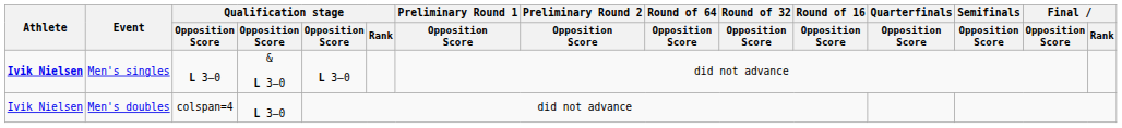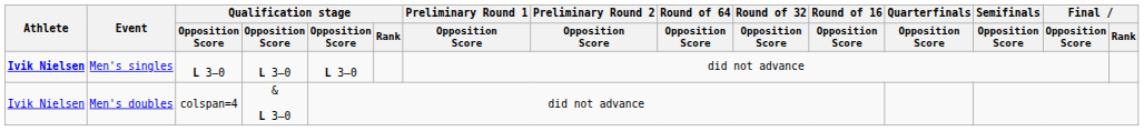 <table class=wikitable style=font-size:90%;text-align:center>
 <tr>
 <th rowspan=2>Athlete</th>
 <th rowspan=2>Event</th>
 <th colspan=4>Qualification stage</th>
 <th>Preliminary Round 1</th>
 <th>Preliminary Round 2</th>
 <th>Round of 64</th>
 <th>Round of 32</th>
 <th>Round of 16</th>
 <th>Quarterfinals</th>
 <th>Semifinals</th>
 <th colspan=2>Final / </th>
 </tr>
 <tr style=font-size:95%>
 <th>Opposition<br>Score</th>
 <th>Opposition<br>Score</th>
 <th>Opposition<br>Score</th>
 <th>Rank</th>
 <th>Opposition<br>Score</th>
 <th>Opposition<br>Score</th>
 <th>Opposition<br>Score</th>
 <th>Opposition<br>Score</th>
 <th>Opposition<br>Score</th>
 <th>Opposition<br>Score</th>
 <th>Opposition<br>Score</th>
 <th>Opposition<br>Score</th>
 <th>Rank</th>
 </tr>
 <tr>
 <td align=left><strong><a href='#'>Ivik Nielsen</a></strong></td>
 <td align=left><a href='#'>Men's singles</a></td>
 <td><br><strong>L</strong> 3–0</td>
-<td> & <br><br><strong>L</strong> 3–0</td>
+<td><br><strong>L</strong> 3–0</td>
 <td><br><strong>L</strong> 3–0</td>
 <td></td>
 <td colspan=8>did not advance</td>
 <td></td>
 </tr>
 <tr>
 <td align=left><a href='#'>Ivik Nielsen</a><br></td>
 <td align=left><a href='#'>Men's doubles</a></td>
 <td>colspan=4</td>
-<td><br><strong>L</strong> 3–0</td>
+<td> & <br><br><strong>L</strong> 3–0</td>
 <td colspan=7>did not advance</td>
 <td></td>
 </tr>
 </table>
